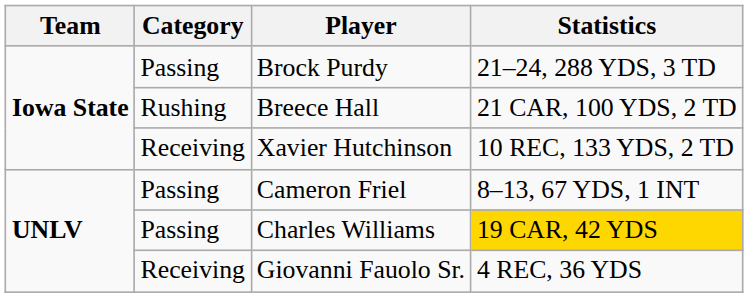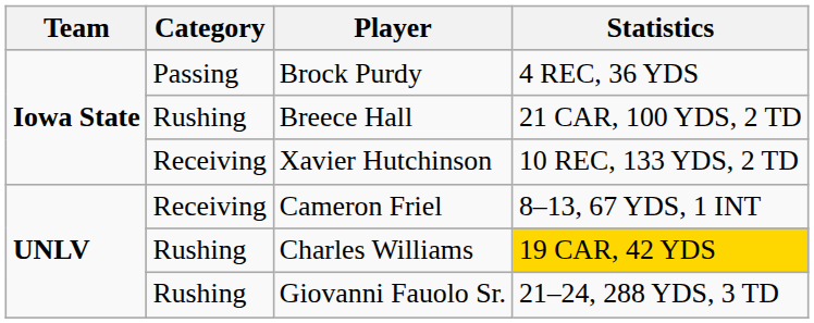 <table class="wikitable" style="float: right;">
 <tr>
 <th>Team</th>
 <th>Category</th>
 <th>Player</th>
 <th>Statistics</th>
 </tr>
 <tr>
 <td rowspan=3><strong>Iowa State</strong></td>
 <td>Passing</td>
 <td>Brock Purdy</td>
-<td>21–24, 288 YDS, 3 TD</td>
+<td>4 REC, 36 YDS</td>
 </tr>
 <tr>
 <td>Rushing</td>
 <td>Breece Hall</td>
 <td>21 CAR, 100 YDS, 2 TD</td>
 </tr>
 <tr>
 <td>Receiving</td>
 <td>Xavier Hutchinson</td>
 <td>10 REC, 133 YDS, 2 TD</td>
 </tr>
 <tr>
 <td rowspan=3><strong>UNLV</strong></td>
-<td>Passing</td>
+<td>Receiving</td>
 <td>Cameron Friel</td>
 <td>8–13, 67 YDS, 1 INT</td>
 </tr>
 <tr>
-<td>Passing</td>
+<td>Rushing</td>
 <td>Charles Williams</td>
 <td style="background: gold;">19 CAR, 42 YDS</td>
 </tr>
 <tr>
-<td>Receiving</td>
+<td>Rushing</td>
 <td>Giovanni Fauolo Sr.</td>
-<td>4 REC, 36 YDS</td>
+<td>21–24, 288 YDS, 3 TD</td>
 </tr>
 </table>
